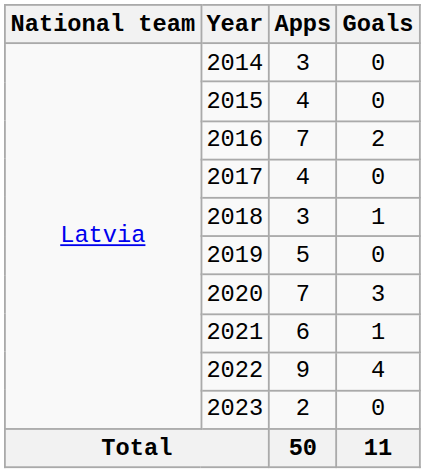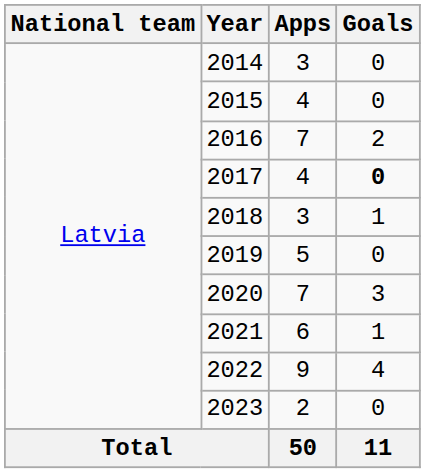 <table class="wikitable" style="text-align:center">
 <tr>
 <th>National team</th>
 <th>Year</th>
 <th>Apps</th>
 <th>Goals</th>
 </tr>
 <tr>
 <td rowspan="10"><a href='#'>Latvia</a></td>
 <td>2014</td>
 <td>3</td>
 <td>0</td>
 </tr>
 <tr>
 <td>2015</td>
 <td>4</td>
 <td>0</td>
 </tr>
 <tr>
 <td>2016</td>
 <td>7</td>
 <td>2</td>
 </tr>
 <tr>
 <td>2017</td>
 <td>4</td>
-<td>0</td>
+<td><strong>0</strong></td>
 </tr>
 <tr>
 <td>2018</td>
 <td>3</td>
 <td>1</td>
 </tr>
 <tr>
 <td>2019</td>
 <td>5</td>
 <td>0</td>
 </tr>
 <tr>
 <td>2020</td>
 <td>7</td>
 <td>3</td>
 </tr>
 <tr>
 <td>2021</td>
 <td>6</td>
 <td>1</td>
 </tr>
 <tr>
 <td>2022</td>
 <td>9</td>
 <td>4</td>
 </tr>
 <tr>
 <td>2023</td>
 <td>2</td>
 <td>0</td>
 </tr>
 <tr>
 <th colspan="2">Total</th>
 <th>50</th>
 <th>11</th>
 </tr>
 </table>
